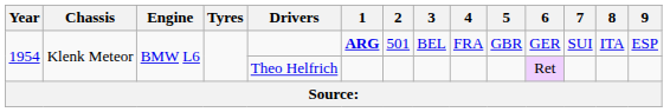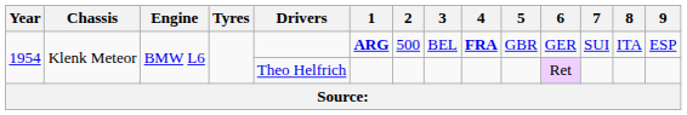 <table class="wikitable" style="text-align:center; font-size:95%">
 <tr>
 <th>Year</th>
 <th>Chassis</th>
 <th>Engine</th>
 <th>Tyres</th>
 <th>Drivers</th>
 <th>1</th>
 <th>2</th>
 <th>3</th>
 <th>4</th>
 <th>5</th>
 <th>6</th>
 <th>7</th>
 <th>8</th>
 <th>9</th>
 </tr>
 <tr>
 <td rowspan=2><a href='#'>1954</a></td>
 <td rowspan=2>Klenk Meteor</td>
 <td rowspan=2><a href='#'>BMW</a> <a href='#'>L6</a></td>
 <td rowspan=2></td>
 <td></td>
 <td><strong><a href='#'>ARG</a><br></strong></td>
-<td><a href='#'>501</a><br></td>
+<td><a href='#'>500</a><br></td>
 <td><a href='#'>BEL</a><br></td>
-<td><a href='#'>FRA</a><br></td>
+<td><strong><a href='#'>FRA</a><br></strong></td>
 <td><a href='#'>GBR</a><br></td>
 <td><a href='#'>GER</a><br></td>
 <td><a href='#'>SUI</a><br></td>
 <td><a href='#'>ITA</a><br></td>
 <td><a href='#'>ESP</a><br></td>
 </tr>
 <tr>
 <td> <a href='#'>Theo Helfrich</a></td>
 <td></td>
 <td></td>
 <td></td>
 <td></td>
 <td></td>
 <td style="background:#EFCFFF;">Ret</td>
 <td></td>
 <td></td>
 <td></td>
 </tr>
 <tr>
 <th colspan="14">Source:</th>
 </tr>
 </table>
